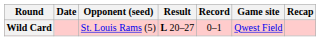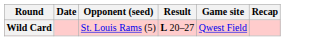 <table class="wikitable" style="text-align:center">
 <tr>
 <th>Round</th>
 <th>Date</th>
 <th>Opponent (seed)</th>
 <th>Result</th>
-<th>Record</th>
 <th>Game site</th>
 <th>Recap</th>
 </tr>
 <tr style="background:#fcc">
 <th>Wild Card</th>
 <td></td>
 <td><a href='#'>St. Louis Rams</a> (5)</td>
 <td><strong>L</strong> 20–27</td>
-<td>0–1</td>
 <td><a href='#'>Qwest Field</a></td>
 <td></td>
 </tr>
 </table>
